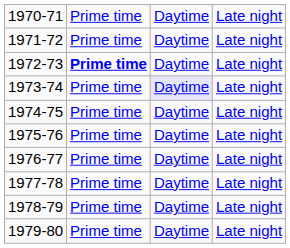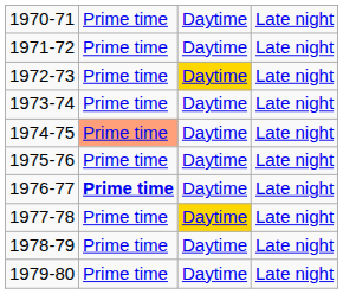 <table class="wikitable" border="1">
 <tr>
 <td>1970-71</td>
 <td><a href='#'>Prime time</a></td>
 <td><a href='#'>Daytime</a></td>
 <td><a href='#'>Late night</a></td>
 </tr>
 <tr>
 <td>1971-72</td>
 <td><a href='#'>Prime time</a></td>
 <td><a href='#'>Daytime</a></td>
 <td><a href='#'>Late night</a></td>
 </tr>
 <tr>
 <td>1972-73</td>
-<td><strong><a href='#'>Prime time</a></strong></td>
-<td><a href='#'>Daytime</a></td>
+<td><a href='#'>Prime time</a></td>
+<td style="background: gold;"><a href='#'>Daytime</a></td>
 <td><a href='#'>Late night</a></td>
 </tr>
 <tr>
 <td>1973-74</td>
 <td><a href='#'>Prime time</a></td>
-<td style="background: lavender;"><a href='#'>Daytime</a></td>
+<td><a href='#'>Daytime</a></td>
 <td><a href='#'>Late night</a></td>
 </tr>
 <tr>
 <td>1974-75</td>
-<td><a href='#'>Prime time</a></td>
+<td style="background: lightsalmon;"><a href='#'>Prime time</a></td>
 <td><a href='#'>Daytime</a></td>
 <td><a href='#'>Late night</a></td>
 </tr>
 <tr>
 <td>1975-76</td>
 <td><a href='#'>Prime time</a></td>
 <td><a href='#'>Daytime</a></td>
 <td><a href='#'>Late night</a></td>
 </tr>
 <tr>
 <td>1976-77</td>
-<td><a href='#'>Prime time</a></td>
+<td><strong><a href='#'>Prime time</a></strong></td>
 <td><a href='#'>Daytime</a></td>
 <td><a href='#'>Late night</a></td>
 </tr>
 <tr>
 <td>1977-78</td>
 <td><a href='#'>Prime time</a></td>
-<td><a href='#'>Daytime</a></td>
+<td style="background: gold;"><a href='#'>Daytime</a></td>
 <td><a href='#'>Late night</a></td>
 </tr>
 <tr>
 <td>1978-79</td>
 <td><a href='#'>Prime time</a></td>
 <td><a href='#'>Daytime</a></td>
 <td><a href='#'>Late night</a></td>
 </tr>
 <tr>
 <td>1979-80</td>
 <td><a href='#'>Prime time</a></td>
 <td><a href='#'>Daytime</a></td>
 <td><a href='#'>Late night</a></td>
 </tr>
 </table>
